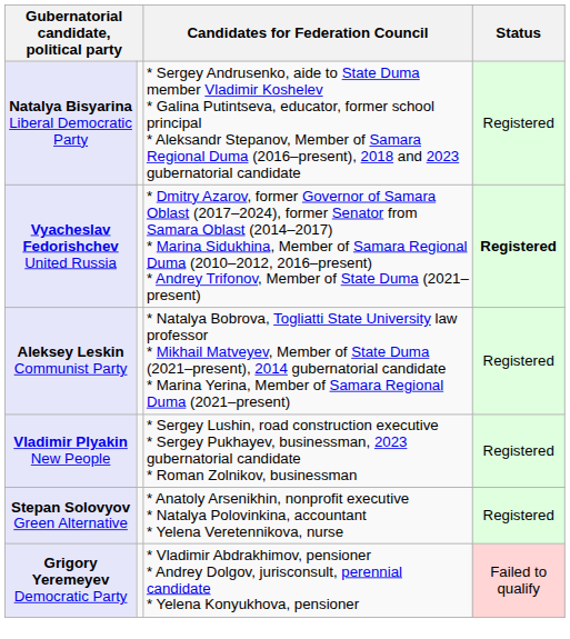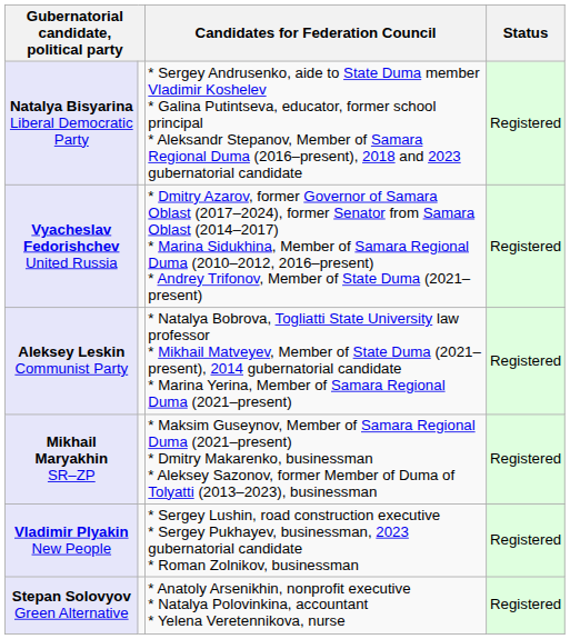 <table class="wikitable" style="text-align:center;">
 <tr>
 <th colspan="2">Gubernatorial candidate,<br>political party</th>
 <th>Candidates for Federation Council</th>
 <th>Status</th>
 </tr>
 <tr>
 <td style="background:lavender;"><strong>Natalya Bisyarina</strong><br><a href='#'>Liberal Democratic Party</a></td>
 <td style="background-color:"></td>
 <td align=left>* Sergey Andrusenko, aide to <a href='#'>State Duma</a> member <a href='#'>Vladimir Koshelev</a><br>* Galina Putintseva, educator, former school principal<br>* Aleksandr Stepanov, Member of <a href='#'>Samara Regional Duma</a> (2016–present), <a href='#'>2018</a> and <a href='#'>2023</a> gubernatorial candidate</td>
 <td bgcolor="#DFFFDF">Registered</td>
 </tr>
 <tr>
 <td style="background:lavender;"><strong><a href='#'>Vyacheslav Fedorishchev</a></strong><br><a href='#'>United Russia</a></td>
 <td style="background-color:"></td>
 <td align=left>* <a href='#'>Dmitry Azarov</a>, former <a href='#'>Governor of Samara Oblast</a> (2017–2024), former <a href='#'>Senator</a> from <a href='#'>Samara Oblast</a> (2014–2017)<br> * <a href='#'>Marina Sidukhina</a>, Member of <a href='#'>Samara Regional Duma</a> (2010–2012, 2016–present)<br> * <a href='#'>Andrey Trifonov</a>, Member of <a href='#'>State Duma</a> (2021–present)</td>
-<td bgcolor="#DFFFDF"><strong>Registered</strong></td>
+<td bgcolor="#DFFFDF">Registered</td>
 </tr>
 <tr>
 <td style="background:lavender;"><strong>Aleksey Leskin</strong><br><a href='#'>Communist Party</a></td>
 <td style="background-color:"></td>
 <td align=left>* Natalya Bobrova, <a href='#'>Togliatti State University</a> law professor<br>* <a href='#'>Mikhail Matveyev</a>, Member of <a href='#'>State Duma</a> (2021–present), <a href='#'>2014</a> gubernatorial candidate<br>* Marina Yerina, Member of <a href='#'>Samara Regional Duma</a> (2021–present)</td>
+<td bgcolor="#DFFFDF">Registered</td>
+</tr>
+<tr>
+<td style="background:lavender;"><strong>Mikhail Maryakhin</strong><br><a href='#'>SR–ZP</a></td>
+<td style="background-color:"></td>
+<td align=left>* Maksim Guseynov, Member of <a href='#'>Samara Regional Duma</a> (2021–present)<br>* Dmitry Makarenko, businessman<br>* Aleksey Sazonov, former Member of Duma of <a href='#'>Tolyatti</a> (2013–2023), businessman</td>
 <td bgcolor="#DFFFDF">Registered</td>
 </tr>
 <tr>
 <td style="background:lavender;"><strong><a href='#'>Vladimir Plyakin</a></strong><br><a href='#'>New People</a></td>
 <td style="background-color:"></td>
 <td align=left>* Sergey Lushin, road construction executive<br>* Sergey Pukhayev, businessman, <a href='#'>2023</a> gubernatorial candidate<br>* Roman Zolnikov, businessman</td>
 <td bgcolor="#DFFFDF">Registered</td>
 </tr>
 <tr>
 <td style="background:lavender;"><strong>Stepan Solovyov</strong><br><a href='#'>Green Alternative</a></td>
 <td style="background-color:"></td>
 <td align=left>* Anatoly Arsenikhin, nonprofit executive<br>* Natalya Polovinkina, accountant<br>* Yelena Veretennikova, nurse</td>
 <td bgcolor="#DFFFDF">Registered</td>
 </tr>
-<tr>
-<td style="background:lavender;"><strong>Grigory Yeremeyev</strong><br><a href='#'>Democratic Party</a></td>
-<td style="background-color:"></td>
-<td align=left>* Vladimir Abdrakhimov, pensioner<br>* Andrey Dolgov, jurisconsult, <a href='#'>perennial candidate</a><br>* Yelena Konyukhova, pensioner</td>
-<td bgcolor="#FFD5D5">Failed to qualify</td>
-</tr>
 </table>
